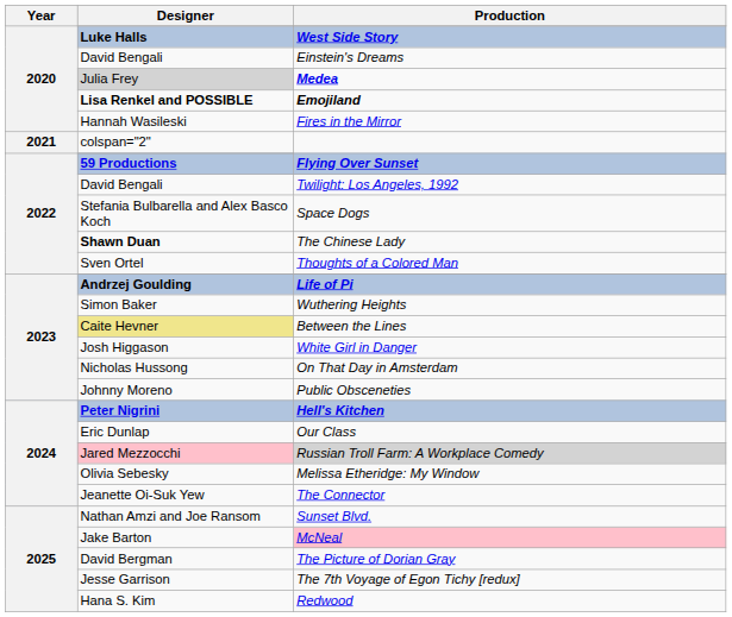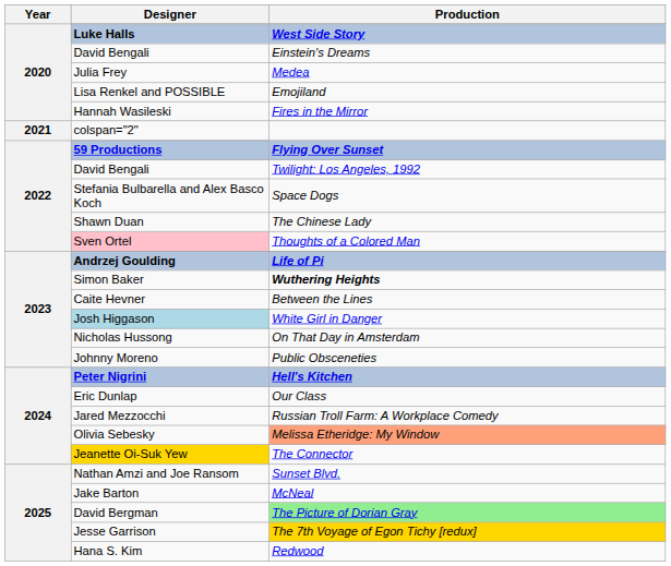 <table class="wikitable" style="width:98%;">
 <tr style="background:#bebebe;">
 <th style="width:10%;">Year</th>
 <th style="width:30%;">Designer</th>
 <th style="width:60%;">Production</th>
 </tr>
 <tr>
 <th rowspan="6">2020</th>
 </tr>
 <tr style="background:#B0C4DE">
 <td><strong>Luke Halls</strong></td>
 <td><strong><em><a href='#'>West Side Story</a></em></strong></td>
 </tr>
 <tr>
 <td>David Bengali</td>
 <td><em>Einstein's Dreams</em></td>
 </tr>
 <tr>
-<td style="background: lightgrey;">Julia Frey</td>
-<td><strong><em><a href='#'>Medea</a></em></strong></td>
+<td>Julia Frey</td>
+<td><em><a href='#'>Medea</a></em></td>
 </tr>
 <tr>
-<td><strong>Lisa Renkel and POSSIBLE</strong></td>
-<td><strong><em>Emojiland</em></strong></td>
+<td>Lisa Renkel and POSSIBLE</td>
+<td><em>Emojiland</em></td>
 </tr>
 <tr>
 <td>Hannah Wasileski</td>
 <td><em><a href='#'>Fires in the Mirror</a></em></td>
 </tr>
 <tr>
 <th>2021</th>
 <td>colspan="2" </td>
 </tr>
 <tr>
 <th rowspan="6">2022</th>
 </tr>
 <tr style="background:#B0C4DE">
 <td><strong><a href='#'>59 Productions</a></strong></td>
 <td><strong><em><a href='#'>Flying Over Sunset</a></em></strong></td>
 </tr>
 <tr>
 <td>David Bengali</td>
 <td><em><a href='#'>Twilight: Los Angeles, 1992</a></em></td>
 </tr>
 <tr>
 <td>Stefania Bulbarella and Alex Basco Koch</td>
 <td><em>Space Dogs</em></td>
 </tr>
 <tr>
-<td><strong>Shawn Duan</strong></td>
+<td>Shawn Duan</td>
 <td><em>The Chinese Lady</em></td>
 </tr>
 <tr>
-<td>Sven Ortel</td>
+<td style="background: pink;">Sven Ortel</td>
 <td><em><a href='#'>Thoughts of a Colored Man</a></em></td>
 </tr>
 <tr>
 <th rowspan="7">2023</th>
 </tr>
 <tr style="background:#B0C4DE">
 <td><strong>Andrzej Goulding</strong></td>
 <td><strong><em><a href='#'>Life of Pi</a></em></strong></td>
 </tr>
 <tr>
 <td>Simon Baker</td>
-<td><em>Wuthering Heights</em></td>
+<td><strong><em>Wuthering Heights</em></strong></td>
 </tr>
 <tr>
-<td style="background: khaki;">Caite Hevner</td>
+<td>Caite Hevner</td>
 <td><em>Between the Lines</em></td>
 </tr>
 <tr>
-<td>Josh Higgason</td>
+<td style="background: lightblue;">Josh Higgason</td>
 <td><em><a href='#'>White Girl in Danger</a></em></td>
 </tr>
 <tr>
 <td>Nicholas Hussong</td>
 <td><em>On That Day in Amsterdam</em></td>
 </tr>
 <tr>
 <td>Johnny Moreno</td>
 <td><em>Public Obsceneties</em></td>
 </tr>
 <tr style="background:#B0C4DE">
 <th rowspan="5">2024</th>
 <td><strong><a href='#'>Peter Nigrini</a></strong></td>
 <td><strong><em><a href='#'>Hell's Kitchen</a></em></strong></td>
 </tr>
 <tr>
 <td>Eric Dunlap</td>
 <td><em>Our Class</em></td>
 </tr>
 <tr>
-<td style="background: pink;">Jared Mezzocchi</td>
-<td style="background: lightgrey;"><em>Russian Troll Farm: A Workplace Comedy</em></td>
+<td>Jared Mezzocchi</td>
+<td><em>Russian Troll Farm: A Workplace Comedy</em></td>
 </tr>
 <tr>
 <td>Olivia Sebesky</td>
-<td><em>Melissa Etheridge: My Window</em></td>
+<td style="background: lightsalmon;"><em>Melissa Etheridge: My Window</em></td>
 </tr>
 <tr>
-<td>Jeanette Oi-Suk Yew</td>
+<td style="background: gold;">Jeanette Oi-Suk Yew</td>
 <td><em><a href='#'>The Connector</a></em></td>
 </tr>
 <tr>
 <th rowspan=5>2025</th>
 <td>Nathan Amzi and Joe Ransom</td>
 <td><em><a href='#'>Sunset Blvd.</a></em></td>
 </tr>
 <tr>
 <td>Jake Barton</td>
-<td style="background: pink;"><em><a href='#'>McNeal</a></em></td>
+<td><em><a href='#'>McNeal</a></em></td>
 </tr>
 <tr>
 <td>David Bergman</td>
-<td><em><a href='#'>The Picture of Dorian Gray</a></em></td>
+<td style="background: lightgreen;"><em><a href='#'>The Picture of Dorian Gray</a></em></td>
 </tr>
 <tr>
 <td>Jesse Garrison</td>
-<td><em>The 7th Voyage of Egon Tichy [redux]</em></td>
+<td style="background: gold;"><em>The 7th Voyage of Egon Tichy [redux]</em></td>
 </tr>
 <tr>
 <td>Hana S. Kim</td>
 <td><em><a href='#'>Redwood</a></em></td>
 </tr>
 </table>
